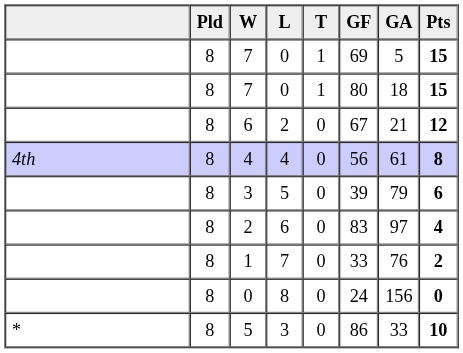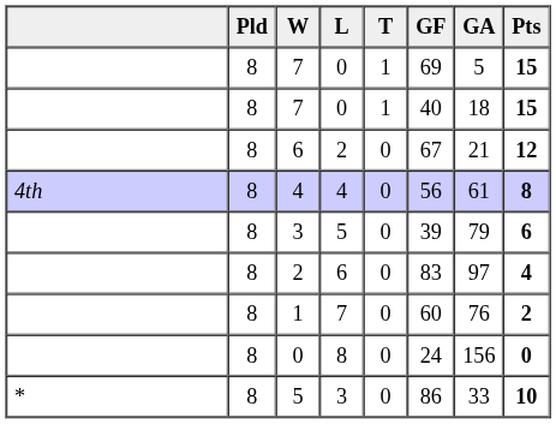 <table border=1 cellpadding=5 cellspacing=0>
 <tr>
 <th bgcolor="#efefef" width="150"></th>
 <th bgcolor="#efefef" width="20">Pld</th>
 <th bgcolor="#efefef" width="20">W</th>
 <th bgcolor="#efefef" width="20">L</th>
 <th bgcolor="#efefef" width="20">T</th>
 <th bgcolor="#efefef" width="20">GF</th>
 <th bgcolor="#efefef" width="20">GA</th>
 <th bgcolor="#efefef" width="20">Pts</th>
 </tr>
 <tr align=center>
 <td align=left></td>
 <td>8</td>
 <td>7</td>
 <td>0</td>
 <td>1</td>
 <td>69</td>
 <td>5</td>
 <td><strong>15</strong></td>
 </tr>
 <tr align=center>
 <td align=left></td>
 <td>8</td>
 <td>7</td>
 <td>0</td>
 <td>1</td>
-<td>80</td>
+<td>40</td>
 <td>18</td>
 <td><strong>15</strong></td>
 </tr>
 <tr align=center>
 <td align=left></td>
 <td>8</td>
 <td>6</td>
 <td>2</td>
 <td>0</td>
 <td>67</td>
 <td>21</td>
 <td><strong>12</strong></td>
 </tr>
 <tr align=center bgcolor="ccccff">
 <td align=left> <em>4th</em></td>
 <td>8</td>
 <td>4</td>
 <td>4</td>
 <td>0</td>
 <td>56</td>
 <td>61</td>
 <td><strong>8</strong></td>
 </tr>
 <tr align=center>
 <td align=left></td>
 <td>8</td>
 <td>3</td>
 <td>5</td>
 <td>0</td>
 <td>39</td>
 <td>79</td>
 <td><strong>6</strong></td>
 </tr>
 <tr align=center>
 <td align=left></td>
 <td>8</td>
 <td>2</td>
 <td>6</td>
 <td>0</td>
 <td>83</td>
 <td>97</td>
 <td><strong>4</strong></td>
 </tr>
 <tr align=center>
 <td align=left></td>
 <td>8</td>
 <td>1</td>
 <td>7</td>
 <td>0</td>
-<td>33</td>
+<td>60</td>
 <td>76</td>
 <td><strong>2</strong></td>
 </tr>
 <tr align=center>
 <td align=left></td>
 <td>8</td>
 <td>0</td>
 <td>8</td>
 <td>0</td>
 <td>24</td>
 <td>156</td>
 <td><strong>0</strong></td>
 </tr>
 <tr align=center>
 <td align=left> *</td>
 <td>8</td>
 <td>5</td>
 <td>3</td>
 <td>0</td>
 <td>86</td>
 <td>33</td>
 <td><strong>10</strong></td>
 </tr>
 </table>
